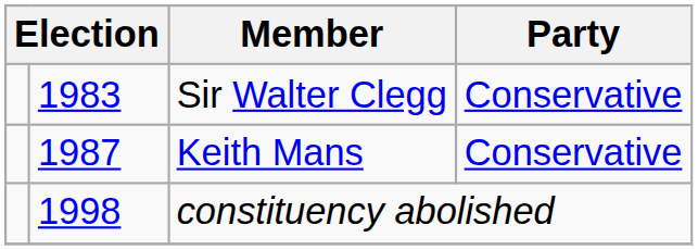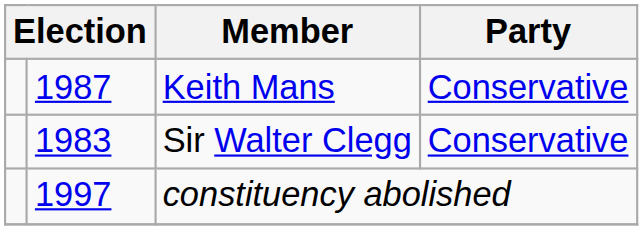 <table class="wikitable">
 <tr>
 <th colspan="2">Election</th>
 <th>Member</th>
 <th>Party</th>
 </tr>
 <tr>
 <td style="color:inherit;background-color: "></td>
+<td><a href='#'>1987</a></td>
+<td><a href='#'>Keith Mans</a></td>
+<td><a href='#'>Conservative</a></td>
+</tr>
+<tr>
+<td style="color:inherit;background-color: "></td>
 <td><a href='#'>1983</a></td>
 <td>Sir <a href='#'>Walter Clegg</a></td>
 <td><a href='#'>Conservative</a></td>
 </tr>
 <tr>
-<td style="color:inherit;background-color: "></td>
-<td><a href='#'>1987</a></td>
-<td><a href='#'>Keith Mans</a></td>
-<td><a href='#'>Conservative</a></td>
-</tr>
-<tr>
 <td></td>
-<td><a href='#'>1998</a></td>
+<td><a href='#'>1997</a></td>
 <td colspan="2"><em>constituency abolished</em></td>
 </tr>
 <tr>
 </tr>
 </table>
